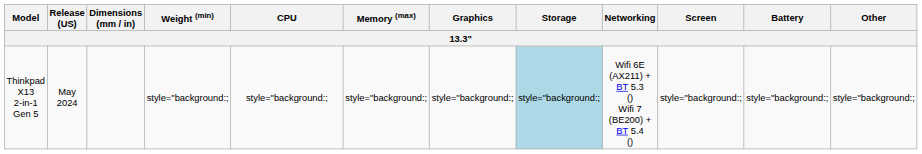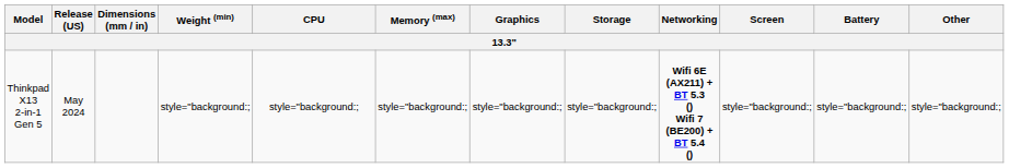 <table class="wikitable" style="font-size: 80%; text-align: center; min-width: 80%;">
 <tr>
 <th>Model</th>
 <th>Release (US)</th>
 <th>Dimensions (mm / in)</th>
 <th>Weight <sup>(min)</sup></th>
 <th style="width:17%">CPU</th>
 <th>Memory <sup>(max)</sup></th>
 <th>Graphics</th>
 <th>Storage</th>
 <th>Networking</th>
 <th>Screen</th>
 <th>Battery</th>
 <th>Other</th>
 </tr>
 <tr>
 <th colspan=12>13.3"</th>
 </tr>
 <tr>
 <td>Thinkpad X13<br>2-in-1<br>Gen 5 </td>
 <td>May 2024</td>
 <td></td>
 <td>style="background:;</td>
 <td>style="background:; </td>
 <td>style="background:;</td>
 <td>style="background:;</td>
-<td style="background: lightblue;">style="background:;</td>
-<td><br>Wifi 6E (AX211) + <a href='#'>BT</a> 5.3 <br>()<br>Wifi 7 (BE200) + <a href='#'>BT</a> 5.4 <br>()<br></td>
+<td>style="background:;</td>
+<td><strong><br>Wifi 6E (AX211) + <a href='#'>BT</a> 5.3 <br>()<br>Wifi 7 (BE200) + <a href='#'>BT</a> 5.4 <br>()<br></strong></td>
 <td>style="background:;</td>
 <td>style="background:;</td>
 <td>style="background:;</td>
 </tr>
 </table>
